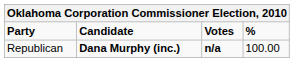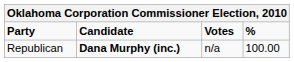 <table class="wikitable">
 <tr>
 <th colspan="4">Oklahoma Corporation Commissioner Election, 2010</th>
 </tr>
 <tr>
 <td><strong>Party</strong></td>
 <td><strong>Candidate</strong></td>
 <td><strong>Votes</strong></td>
 <td><strong>%</strong></td>
 </tr>
 <tr>
 <td>Republican</td>
 <td><strong>Dana Murphy (inc.)</strong></td>
-<td><strong>n/a</strong></td>
+<td>n/a</td>
 <td>100.00</td>
 </tr>
 </table>
